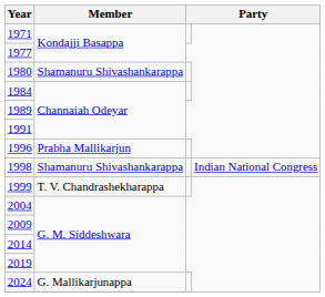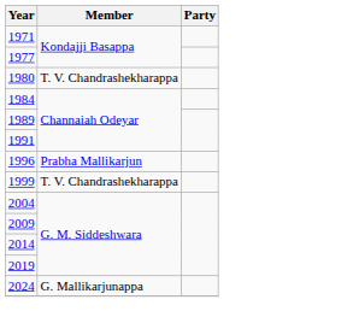 <table class="wikitable sortable">
 <tr>
 <th>Year</th>
 <th>Member</th>
 <th colspan="2">Party</th>
 </tr>
 <tr>
 <td><a href='#'>1971</a></td>
 <td rowspan="2"><a href='#'>Kondajji Basappa</a></td>
 <td></td>
 </tr>
 <tr>
 <td><a href='#'>1977</a></td>
 </tr>
 <tr>
 <td><a href='#'>1980</a></td>
-<td><a href='#'>Shamanuru Shivashankarappa</a></td>
+<td>T. V. Chandrashekharappa</td>
 <td></td>
 </tr>
 <tr>
 <td><a href='#'>1984</a></td>
 <td rowspan="3"><a href='#'>Channaiah Odeyar</a></td>
 <td></td>
 </tr>
 <tr>
 <td><a href='#'>1989</a></td>
 </tr>
 <tr>
 <td><a href='#'>1991</a></td>
 </tr>
 <tr>
 <td><a href='#'>1996</a></td>
 <td><a href='#'>Prabha Mallikarjun</a></td>
 <td></td>
-</tr>
-<tr>
-<td><a href='#'>1998</a></td>
-<td><a href='#'>Shamanuru Shivashankarappa</a></td>
-<td Style="background-color: "></td>
-<td><a href='#'>Indian National Congress</a></td>
 </tr>
 <tr>
 <td><a href='#'>1999</a></td>
 <td>T. V. Chandrashekharappa</td>
 <td></td>
 </tr>
 <tr>
 <td><a href='#'>2004</a></td>
 <td rowspan="4"><a href='#'>G. M. Siddeshwara</a></td>
 </tr>
 <tr>
 <td><a href='#'>2009</a></td>
 </tr>
 <tr>
 <td><a href='#'>2014</a></td>
 </tr>
 <tr>
 <td><a href='#'>2019</a></td>
 </tr>
 <tr>
 <td><a href='#'>2024</a></td>
 <td>G. Mallikarjunappa</td>
 <td></td>
 </tr>
 <tr>
 </tr>
 </table>
